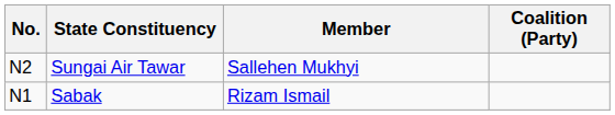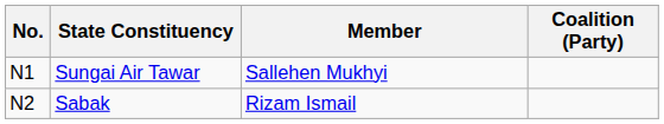 <table class="wikitable">
 <tr>
 <th width="30">No.</th>
 <th width="150">State Constituency</th>
 <th width="230">Member</th>
 <th width="100">Coalition (Party)</th>
 </tr>
 <tr>
-<td>N2</td>
+<td>N1</td>
 <td><a href='#'>Sungai Air Tawar</a></td>
 <td><a href='#'>Sallehen Mukhyi</a></td>
 <td></td>
 </tr>
 <tr>
-<td>N1</td>
+<td>N2</td>
 <td><a href='#'>Sabak</a></td>
 <td><a href='#'>Rizam Ismail</a></td>
 <td></td>
 </tr>
 </table>
